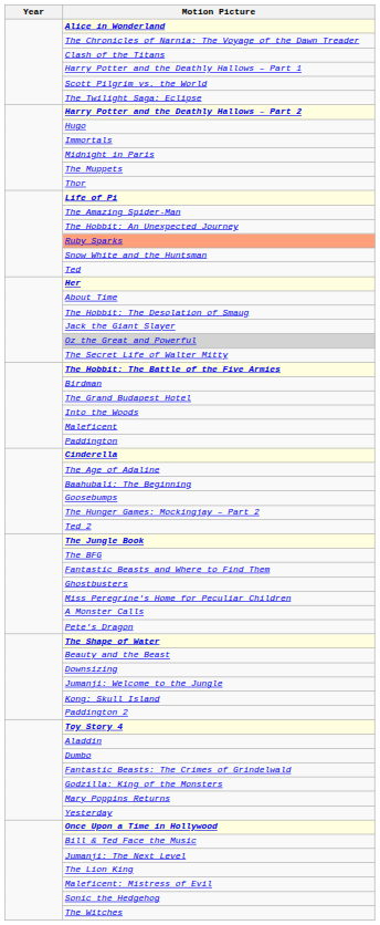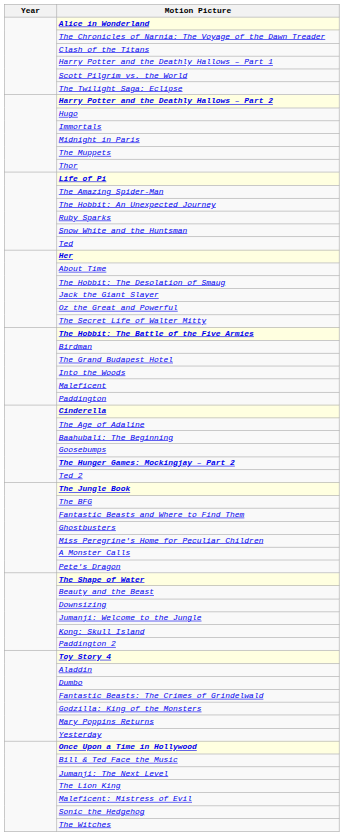 <table class="wikitable" width="550px" border="1" cellpadding="5" cellspacing="0" align="centre">
 <tr>
 <th width="80px">Year</th>
 <th>Motion Picture</th>
 </tr>
 <tr>
 <td rowspan=6></td>
 <td style="background:lightyellow"><strong><em><a href='#'>Alice in Wonderland</a></em></strong></td>
 </tr>
 <tr>
 <td><em><a href='#'>The Chronicles of Narnia: The Voyage of the Dawn Treader</a></em></td>
 </tr>
 <tr>
 <td><em><a href='#'>Clash of the Titans</a></em></td>
 </tr>
 <tr>
 <td><em><a href='#'>Harry Potter and the Deathly Hallows – Part 1</a></em></td>
 </tr>
 <tr>
 <td><em><a href='#'>Scott Pilgrim vs. the World</a></em></td>
 </tr>
 <tr>
 <td><em><a href='#'>The Twilight Saga: Eclipse</a></em></td>
 </tr>
 <tr>
 <td rowspan=6></td>
 <td style="background:lightyellow"><strong><em><a href='#'>Harry Potter and the Deathly Hallows – Part 2</a></em></strong></td>
 </tr>
 <tr>
 <td><em><a href='#'>Hugo</a></em></td>
 </tr>
 <tr>
 <td><em><a href='#'>Immortals</a></em></td>
 </tr>
 <tr>
 <td><em><a href='#'>Midnight in Paris</a></em></td>
 </tr>
 <tr>
 <td><em><a href='#'>The Muppets</a></em></td>
 </tr>
 <tr>
 <td><em><a href='#'>Thor</a></em></td>
 </tr>
 <tr>
 <td rowspan=6></td>
 <td style="background:lightyellow"><strong><em><a href='#'>Life of Pi</a></em></strong></td>
 </tr>
 <tr>
 <td><em><a href='#'>The Amazing Spider-Man</a></em></td>
 </tr>
 <tr>
 <td><em><a href='#'>The Hobbit: An Unexpected Journey</a></em></td>
 </tr>
 <tr>
-<td style="background: lightsalmon;"><em><a href='#'>Ruby Sparks</a></em></td>
+<td><em><a href='#'>Ruby Sparks</a></em></td>
 </tr>
 <tr>
 <td><em><a href='#'>Snow White and the Huntsman</a></em></td>
 </tr>
 <tr>
 <td><em><a href='#'>Ted</a></em></td>
 </tr>
 <tr>
 <td rowspan=6></td>
 <td style="background:lightyellow"><strong><em><a href='#'>Her</a></em></strong></td>
 </tr>
 <tr>
 <td><em><a href='#'>About Time</a></em></td>
 </tr>
 <tr>
 <td><em><a href='#'>The Hobbit: The Desolation of Smaug</a></em></td>
 </tr>
 <tr>
 <td><em><a href='#'>Jack the Giant Slayer</a></em></td>
 </tr>
 <tr>
-<td style="background: lightgrey;"><em><a href='#'>Oz the Great and Powerful</a></em></td>
+<td><em><a href='#'>Oz the Great and Powerful</a></em></td>
 </tr>
 <tr>
 <td><em><a href='#'>The Secret Life of Walter Mitty</a></em></td>
 </tr>
 <tr>
 <td rowspan=6></td>
 <td style="background:lightyellow"><strong><em><a href='#'>The Hobbit: The Battle of the Five Armies</a></em></strong></td>
 </tr>
 <tr>
 <td><em><a href='#'>Birdman</a></em></td>
 </tr>
 <tr>
 <td><em><a href='#'>The Grand Budapest Hotel</a></em></td>
 </tr>
 <tr>
 <td><em><a href='#'>Into the Woods</a></em></td>
 </tr>
 <tr>
 <td><em><a href='#'>Maleficent</a></em></td>
 </tr>
 <tr>
 <td><em><a href='#'>Paddington</a></em></td>
 </tr>
 <tr>
 <td rowspan=6></td>
 <td style="background:lightyellow"><strong><em><a href='#'>Cinderella</a></em></strong></td>
 </tr>
 <tr>
 <td><em><a href='#'>The Age of Adaline</a></em></td>
 </tr>
 <tr>
 <td><em><a href='#'>Baahubali: The Beginning</a></em></td>
 </tr>
 <tr>
 <td><em><a href='#'>Goosebumps</a></em></td>
 </tr>
 <tr>
-<td><em><a href='#'>The Hunger Games: Mockingjay – Part 2</a></em></td>
+<td><strong><em><a href='#'>The Hunger Games: Mockingjay – Part 2</a></em></strong></td>
 </tr>
 <tr>
 <td><em><a href='#'>Ted 2</a></em></td>
 </tr>
 <tr>
 <td rowspan=7></td>
 <td style="background:lightyellow"><strong><em><a href='#'>The Jungle Book</a></em></strong></td>
 </tr>
 <tr>
 <td><em><a href='#'>The BFG</a></em></td>
 </tr>
 <tr>
 <td><em><a href='#'>Fantastic Beasts and Where to Find Them</a></em></td>
 </tr>
 <tr>
 <td><em><a href='#'>Ghostbusters</a></em></td>
 </tr>
 <tr>
 <td><em><a href='#'>Miss Peregrine's Home for Peculiar Children</a></em></td>
 </tr>
 <tr>
 <td><em><a href='#'>A Monster Calls</a></em></td>
 </tr>
 <tr>
 <td><em><a href='#'>Pete's Dragon</a></em></td>
 </tr>
 <tr>
 <td rowspan=6></td>
 <td style="background:lightyellow"><strong><em><a href='#'>The Shape of Water</a></em></strong></td>
 </tr>
 <tr>
 <td><em><a href='#'>Beauty and the Beast</a></em></td>
 </tr>
 <tr>
 <td><em><a href='#'>Downsizing</a></em></td>
 </tr>
 <tr>
 <td><em><a href='#'>Jumanji: Welcome to the Jungle</a></em></td>
 </tr>
 <tr>
 <td><em><a href='#'>Kong: Skull Island</a></em></td>
 </tr>
 <tr>
 <td><em><a href='#'>Paddington 2</a></em></td>
 </tr>
 <tr>
 <td rowspan="7"></td>
 <td style="background:lightyellow"><strong><em><a href='#'>Toy Story 4</a></em></strong></td>
 </tr>
 <tr>
 <td><em><a href='#'>Aladdin</a></em></td>
 </tr>
 <tr>
 <td><em><a href='#'>Dumbo</a></em></td>
 </tr>
 <tr>
 <td><em><a href='#'>Fantastic Beasts: The Crimes of Grindelwald</a></em></td>
 </tr>
 <tr>
 <td><em><a href='#'>Godzilla: King of the Monsters</a></em></td>
 </tr>
 <tr>
 <td><em><a href='#'>Mary Poppins Returns</a></em></td>
 </tr>
 <tr>
 <td><em><a href='#'>Yesterday</a></em></td>
 </tr>
 <tr>
 <td rowspan="7"></td>
 <td style="background:lightyellow"><strong><em><a href='#'>Once Upon a Time in Hollywood</a></em></strong></td>
 </tr>
 <tr>
 <td><em><a href='#'>Bill & Ted Face the Music</a></em></td>
 </tr>
 <tr>
 <td><em><a href='#'>Jumanji: The Next Level</a></em></td>
 </tr>
 <tr>
 <td><em><a href='#'>The Lion King</a></em></td>
 </tr>
 <tr>
 <td><em><a href='#'>Maleficent: Mistress of Evil</a></em></td>
 </tr>
 <tr>
 <td><em><a href='#'>Sonic the Hedgehog</a></em></td>
 </tr>
 <tr>
 <td><em><a href='#'>The Witches</a></em></td>
 </tr>
 </table>
